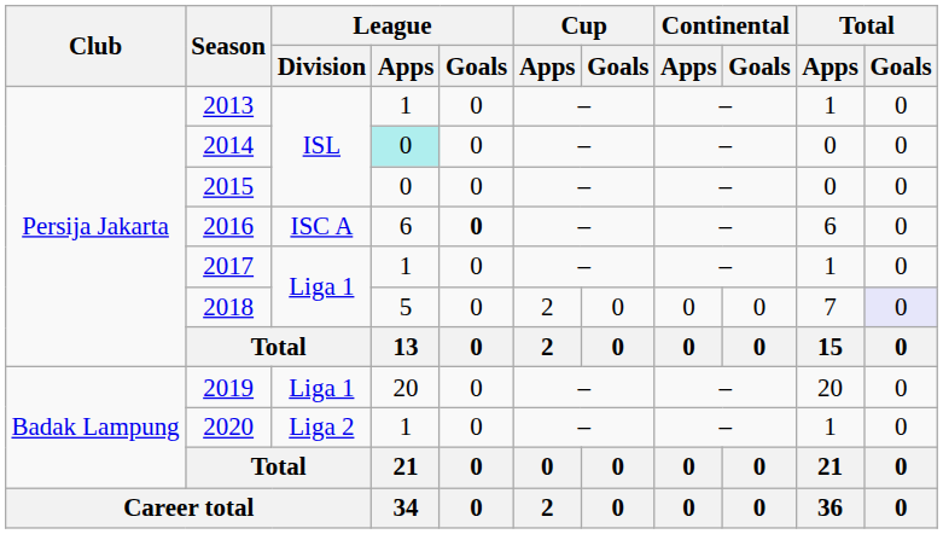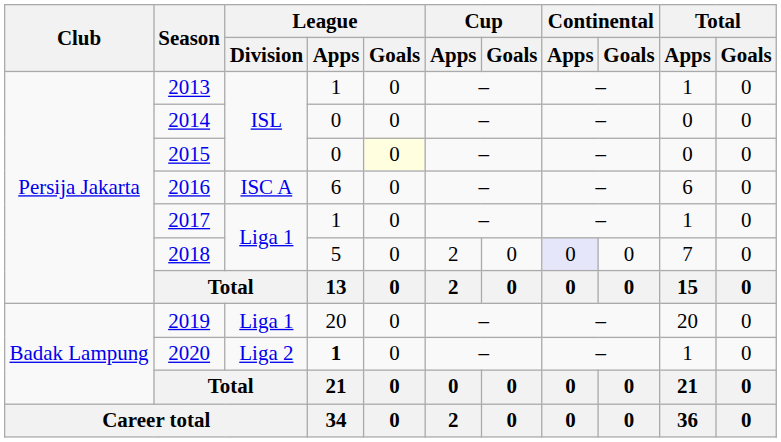 <table class=wikitable style="text-align:center">
 <tr>
 <th rowspan=2>Club</th>
 <th rowspan=2>Season</th>
 <th colspan=3>League</th>
 <th colspan=2>Cup</th>
 <th colspan=2>Continental</th>
 <th colspan=2>Total</th>
 </tr>
 <tr>
 <th>Division</th>
 <th>Apps</th>
 <th>Goals</th>
 <th>Apps</th>
 <th>Goals</th>
 <th>Apps</th>
 <th>Goals</th>
 <th>Apps</th>
 <th>Goals</th>
 </tr>
 <tr>
 <td rowspan="7"><a href='#'>Persija Jakarta</a></td>
 <td><a href='#'>2013</a></td>
 <td rowspan="3"><a href='#'>ISL</a></td>
 <td>1</td>
 <td>0</td>
 <td colspan=2>–</td>
 <td colspan=2>–</td>
 <td>1</td>
 <td>0</td>
 </tr>
 <tr>
 <td><a href='#'>2014</a></td>
-<td style="background: paleturquoise;">0</td>
+<td>0</td>
 <td>0</td>
 <td colspan=2>–</td>
 <td colspan=2>–</td>
 <td>0</td>
 <td>0</td>
 </tr>
 <tr>
 <td><a href='#'>2015</a></td>
 <td>0</td>
-<td>0</td>
+<td style="background: lightyellow;">0</td>
 <td colspan=2>–</td>
 <td colspan=2>–</td>
 <td>0</td>
 <td>0</td>
 </tr>
 <tr>
 <td><a href='#'>2016</a></td>
 <td><a href='#'>ISC A</a></td>
 <td>6</td>
-<td><strong>0</strong></td>
+<td>0</td>
 <td colspan=2>–</td>
 <td colspan=2>–</td>
 <td>6</td>
 <td>0</td>
 </tr>
 <tr>
 <td><a href='#'>2017</a></td>
 <td rowspan="2"><a href='#'>Liga 1</a></td>
 <td>1</td>
 <td>0</td>
 <td colspan=2>–</td>
 <td colspan=2>–</td>
 <td>1</td>
 <td>0</td>
 </tr>
 <tr>
 <td><a href='#'>2018</a></td>
 <td>5</td>
 <td>0</td>
 <td>2</td>
 <td>0</td>
-<td>0</td>
+<td style="background: lavender;">0</td>
 <td>0</td>
 <td>7</td>
-<td style="background: lavender;">0</td>
+<td>0</td>
 </tr>
 <tr>
 <th colspan="2">Total</th>
 <th>13</th>
 <th>0</th>
 <th>2</th>
 <th>0</th>
 <th>0</th>
 <th>0</th>
 <th>15</th>
 <th>0</th>
 </tr>
 <tr>
 <td rowspan="3"><a href='#'>Badak Lampung</a></td>
 <td><a href='#'>2019</a></td>
 <td><a href='#'>Liga 1</a></td>
 <td>20</td>
 <td>0</td>
 <td colspan=2>–</td>
 <td colspan=2>–</td>
 <td>20</td>
 <td>0</td>
 </tr>
 <tr>
 <td><a href='#'>2020</a></td>
 <td><a href='#'>Liga 2</a></td>
-<td>1</td>
+<td><strong>1</strong></td>
 <td>0</td>
 <td colspan=2>–</td>
 <td colspan=2>–</td>
 <td>1</td>
 <td>0</td>
 </tr>
 <tr>
 <th colspan="2">Total</th>
 <th>21</th>
 <th>0</th>
 <th>0</th>
 <th>0</th>
 <th>0</th>
 <th>0</th>
 <th>21</th>
 <th>0</th>
 </tr>
 <tr>
 <th colspan="3">Career total</th>
 <th>34</th>
 <th>0</th>
 <th>2</th>
 <th>0</th>
 <th>0</th>
 <th>0</th>
 <th>36</th>
 <th>0</th>
 </tr>
 </table>
